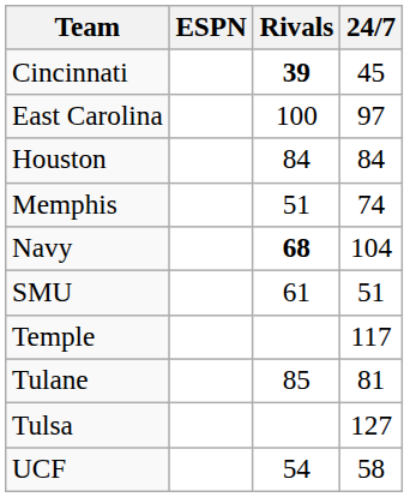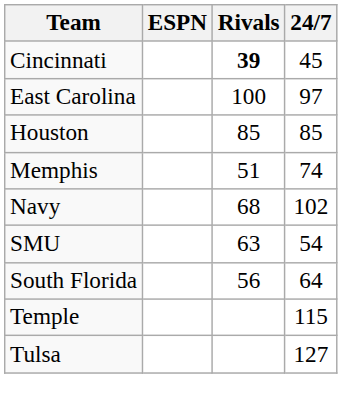 <table class="wikitable">
 <tr>
 <th>Team</th>
 <th>ESPN</th>
 <th>Rivals</th>
 <th>24/7</th>
 </tr>
 <tr>
 <td>Cincinnati</td>
 <td style="text-align:center; background:white"></td>
 <td style="text-align:center; background:white"><strong>39</strong></td>
 <td style="text-align:center; background:white">45</td>
 </tr>
 <tr>
 <td>East Carolina</td>
 <td style="text-align:center; background:white"></td>
 <td style="text-align:center; background:white">100</td>
 <td style="text-align:center; background:white">97</td>
 </tr>
 <tr>
 <td>Houston</td>
 <td style="text-align:center; background:white"></td>
-<td style="text-align:center; background:white">84</td>
-<td style="text-align:center; background:white">84</td>
+<td style="text-align:center; background:white">85</td>
+<td style="text-align:center; background:white">85</td>
 </tr>
 <tr>
 <td>Memphis</td>
 <td style="text-align:center; background:white"></td>
 <td style="text-align:center; background:white">51</td>
 <td style="text-align:center; background:white">74</td>
 </tr>
 <tr>
 <td>Navy</td>
 <td style="text-align:center; background:white"></td>
-<td style="text-align:center; background:white"><strong>68</strong></td>
-<td style="text-align:center; background:white">104</td>
+<td style="text-align:center; background:white">68</td>
+<td style="text-align:center; background:white">102</td>
 </tr>
 <tr>
 <td>SMU</td>
 <td style="text-align:center; background:white"></td>
-<td style="text-align:center; background:white">61</td>
-<td style="text-align:center; background:white">51</td>
+<td style="text-align:center; background:white">63</td>
+<td style="text-align:center; background:white">54</td>
+</tr>
+<tr>
+<td>South Florida</td>
+<td style="text-align:center; background:white"></td>
+<td style="text-align:center; background:white">56</td>
+<td style="text-align:center; background:white">64</td>
 </tr>
 <tr>
 <td>Temple</td>
 <td style="text-align:center; background:white"></td>
 <td style="text-align:center; background:white"></td>
-<td style="text-align:center; background:white">117</td>
-</tr>
-<tr>
-<td>Tulane</td>
-<td style="text-align:center; background:white"></td>
-<td style="text-align:center; background:white">85</td>
-<td style="text-align:center; background:white">81</td>
+<td style="text-align:center; background:white">115</td>
 </tr>
 <tr>
 <td>Tulsa</td>
 <td style="text-align:center; background:white"></td>
 <td style="text-align:center; background:white"></td>
 <td style="text-align:center; background:white">127</td>
 </tr>
-<tr>
-<td>UCF</td>
-<td style="text-align:center; background:white"></td>
-<td style="text-align:center; background:white">54</td>
-<td style="text-align:center; background:white">58</td>
-</tr>
 </table>
